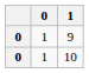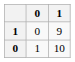 <table class="wikitable" style="text-align:center">
 <tr>
 <th style="width:1.5em"></th>
 <th style="width:1.5em">0</th>
 <th style="width:1.5em">1</th>
 </tr>
 <tr>
-<th>0</th>
-<td>1</td>
+<th>1</th>
+<td>0</td>
 <td>9</td>
 </tr>
 <tr>
 <th>0</th>
 <td>1</td>
 <td>10</td>
 </tr>
 </table>
